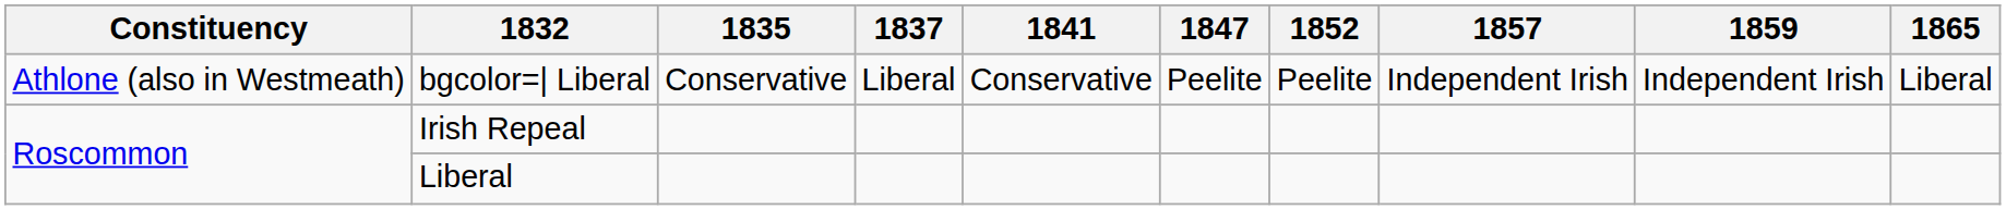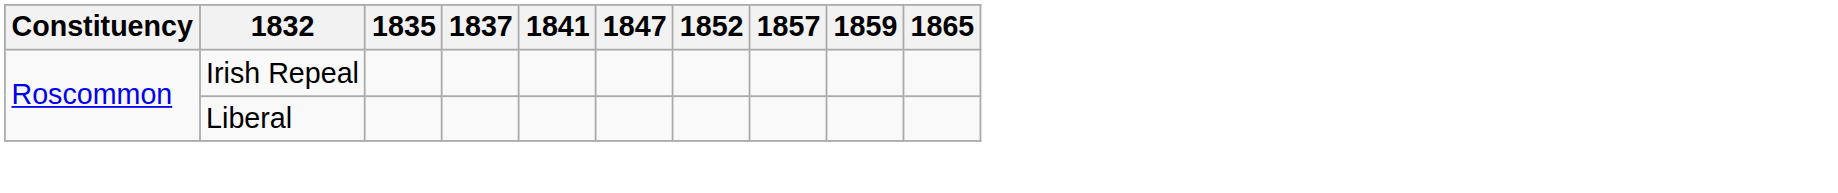 <table class=wikitable sortable>
 <tr>
 <th>Constituency</th>
 <th>1832</th>
 <th>1835</th>
 <th>1837</th>
 <th>1841</th>
 <th>1847</th>
 <th>1852</th>
 <th>1857</th>
 <th>1859</th>
 <th>1865</th>
-</tr>
-<tr>
-<td><a href='#'>Athlone</a> (also in Westmeath)</td>
-<td align=center>bgcolor=| Liberal</td>
-<td bgcolor=>Conservative</td>
-<td bgcolor=>Liberal</td>
-<td bgcolor=>Conservative</td>
-<td bgcolor=>Peelite</td>
-<td bgcolor=>Peelite</td>
-<td bgcolor=>Independent Irish</td>
-<td bgcolor=>Independent Irish</td>
-<td bgcolor=>Liberal</td>
 </tr>
 <tr>
 <td rowspan=2><a href='#'>Roscommon</a></td>
 <td bgcolor=>Irish Repeal</td>
 <td></td>
 <td></td>
 <td></td>
 <td></td>
 <td></td>
 <td></td>
 <td></td>
 <td></td>
 </tr>
 <tr>
 <td bgcolor=>Liberal</td>
 <td></td>
 <td></td>
 <td></td>
 <td></td>
 <td></td>
 <td></td>
 <td></td>
 <td></td>
 </tr>
 </table>
